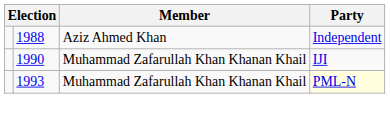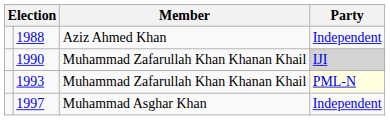 <table class="wikitable">
 <tr>
 <th colspan="2">Election</th>
 <th>Member</th>
 <th>Party</th>
 </tr>
 <tr>
 <td style="background-color: "></td>
 <td><a href='#'>1988</a></td>
 <td>Aziz Ahmed Khan</td>
 <td><a href='#'>Independent</a></td>
 </tr>
 <tr>
 <td style="background-color: "></td>
 <td><a href='#'>1990</a></td>
 <td>Muhammad Zafarullah Khan Khanan Khail</td>
-<td><a href='#'>IJI</a></td>
+<td style="background: lightgrey;"><a href='#'>IJI</a></td>
 </tr>
 <tr>
 <td style="background-color: "></td>
 <td><a href='#'>1993</a></td>
 <td>Muhammad Zafarullah Khan Khanan Khail</td>
 <td style="background: lightyellow;"><a href='#'>PML-N</a></td>
 </tr>
+<tr>
+<td style="background-color: "></td>
+<td><a href='#'>1997</a></td>
+<td>Muhammad Asghar Khan</td>
+<td><a href='#'>Independent</a></td>
+</tr>
 </table>
